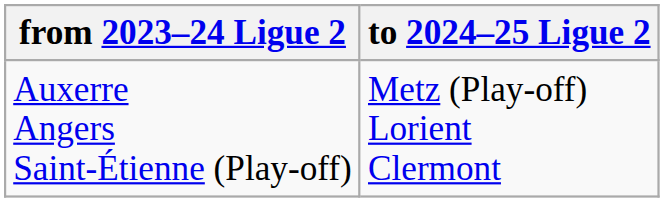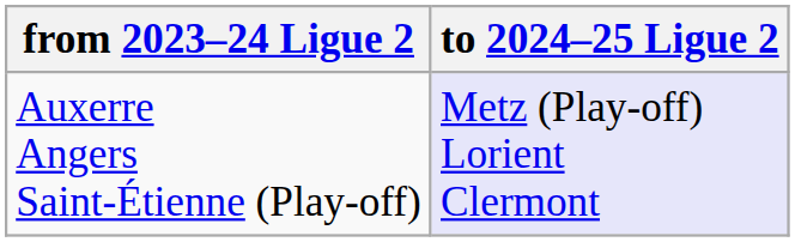 <table class="wikitable">
 <tr>
 <th> from <a href='#'>2023–24 Ligue 2</a></th>
 <th> to <a href='#'>2024–25 Ligue 2</a></th>
 </tr>
 <tr>
 <td><a href='#'>Auxerre</a><br><a href='#'>Angers</a><br><a href='#'>Saint-Étienne</a> (Play-off)</td>
-<td><a href='#'>Metz</a> (Play-off)<br><a href='#'>Lorient</a><br><a href='#'>Clermont</a></td>
+<td style="background: lavender;"><a href='#'>Metz</a> (Play-off)<br><a href='#'>Lorient</a><br><a href='#'>Clermont</a></td>
 </tr>
 </table>
